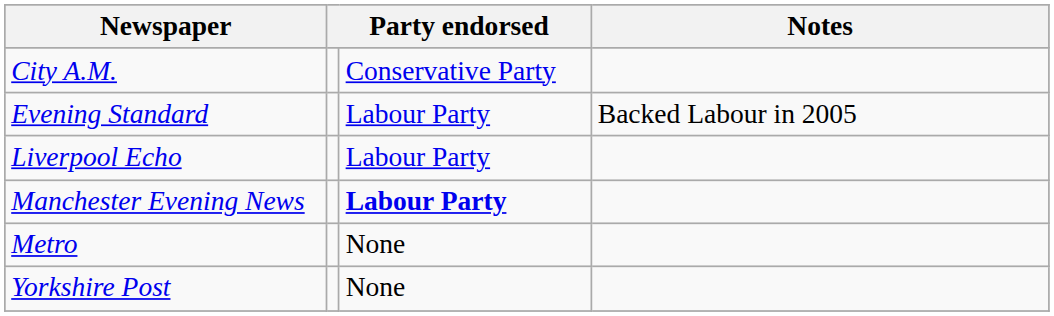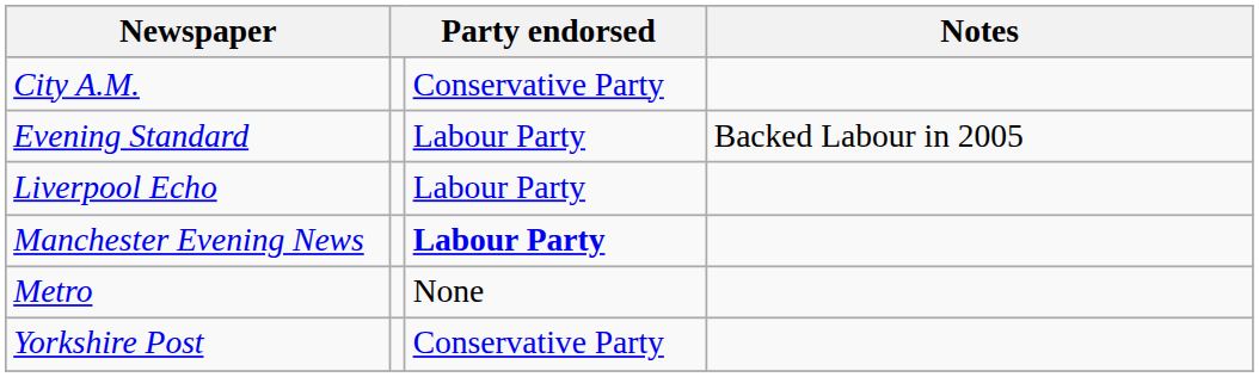 <table class="wikitable">
 <tr>
 <th width=200px>Newspaper</th>
 <th colspan=2>Party endorsed</th>
 <th width=300px>Notes</th>
 </tr>
 <tr>
 <td><em><a href='#'>City A.M.</a></em></td>
 <td style="background-color: "></td>
 <td width=150px><a href='#'>Conservative Party</a></td>
 <td></td>
 </tr>
 <tr>
 <td><em><a href='#'>Evening Standard</a></em></td>
 <td style="background-color: "></td>
 <td><a href='#'>Labour Party</a></td>
 <td>Backed Labour in 2005</td>
 </tr>
 <tr>
 <td><em><a href='#'>Liverpool Echo</a></em></td>
 <td style="background-color: "></td>
 <td><a href='#'>Labour Party</a></td>
 <td></td>
 </tr>
 <tr>
 <td><em><a href='#'>Manchester Evening News</a></em></td>
 <td style="background-color: "></td>
 <td><strong><a href='#'>Labour Party</a></strong></td>
 <td></td>
 </tr>
 <tr>
 <td><em><a href='#'>Metro</a></em></td>
 <td></td>
 <td>None</td>
 <td></td>
 </tr>
 <tr>
 <td><em><a href='#'>Yorkshire Post</a></em></td>
 <td style="background-color: "></td>
-<td>None</td>
+<td><a href='#'>Conservative Party</a></td>
 <td></td>
 </tr>
 </table>
